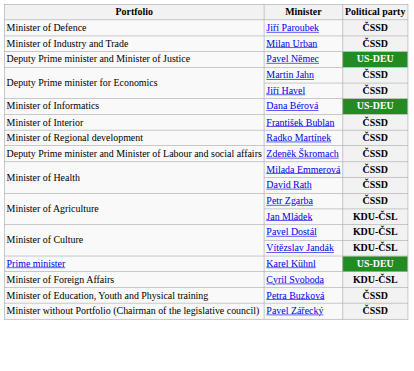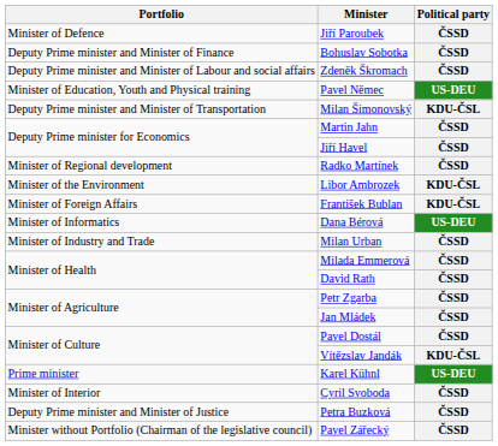 <table class="wikitable">
 <tr>
 <th>Portfolio</th>
 <th>Minister</th>
 <th>Political party</th>
 </tr>
 <tr>
 <td>Minister of Defence</td>
 <td><a href='#'>Jiří Paroubek</a></td>
 <th style="background-color:">ČSSD</th>
 </tr>
 <tr>
-<td>Minister of Industry and Trade</td>
-<td><a href='#'>Milan Urban</a></td>
+<td>Deputy Prime minister and Minister of Finance</td>
+<td><a href='#'>Bohuslav Sobotka</a></td>
 <th style="background-color:">ČSSD</th>
 </tr>
 <tr>
-<td>Deputy Prime minister and Minister of Justice</td>
+<td>Deputy Prime minister and Minister of Labour and social affairs</td>
+<td><a href='#'>Zdeněk Škromach</a></td>
+<th style="background-color:">ČSSD</th>
+</tr>
+<tr>
+<td>Minister of Education, Youth and Physical training</td>
 <td><a href='#'>Pavel Němec</a></td>
 <th style="background-color:#228b22; color:white">US-DEU</th>
+</tr>
+<tr>
+<td>Deputy Prime minister and Minister of Transportation</td>
+<td><a href='#'>Milan Šimonovský</a></td>
+<th style="background-color:">KDU-ČSL</th>
 </tr>
 <tr>
 <td rowspan="2">Deputy Prime minister for Economics</td>
 <td><a href='#'>Martin Jahn</a></td>
 <th style="background-color:">ČSSD</th>
 </tr>
 <tr>
 <td><a href='#'>Jiří Havel</a></td>
 <th style="background-color:">ČSSD</th>
 </tr>
 <tr>
+<td>Minister of Regional development</td>
+<td><a href='#'>Radko Martínek</a></td>
+<th style="background-color:">ČSSD</th>
+</tr>
+<tr>
+<td>Minister of the Environment</td>
+<td><a href='#'>Libor Ambrozek</a></td>
+<th style="background-color:">KDU-ČSL</th>
+</tr>
+<tr>
+<td>Minister of Foreign Affairs</td>
+<td><a href='#'>František Bublan</a></td>
+<th style="background-color:">KDU-ČSL</th>
+</tr>
+<tr>
 <td>Minister of Informatics</td>
 <td><a href='#'>Dana Bérová</a></td>
 <th style="background-color:#228b22; color:white">US-DEU</th>
 </tr>
 <tr>
-<td>Minister of Interior</td>
-<td><a href='#'>František Bublan</a></td>
-<th style="background-color:">ČSSD</th>
-</tr>
-<tr>
-<td>Minister of Regional development</td>
-<td><a href='#'>Radko Martínek</a></td>
-<th style="background-color:">ČSSD</th>
-</tr>
-<tr>
-<td>Deputy Prime minister and Minister of Labour and social affairs</td>
-<td><a href='#'>Zdeněk Škromach</a></td>
+<td>Minister of Industry and Trade</td>
+<td><a href='#'>Milan Urban</a></td>
 <th style="background-color:">ČSSD</th>
 </tr>
 <tr>
 <td rowspan="2">Minister of Health</td>
 <td><a href='#'>Milada Emmerová</a></td>
 <th style="background-color:">ČSSD</th>
 </tr>
 <tr>
 <td><a href='#'>David Rath</a></td>
 <th style="background-color:">ČSSD</th>
 </tr>
 <tr>
 <td rowspan="2">Minister of Agriculture</td>
 <td><a href='#'>Petr Zgarba</a></td>
 <th style="background-color:">ČSSD</th>
 </tr>
 <tr>
 <td><a href='#'>Jan Mládek</a></td>
-<th style="background-color:">KDU-ČSL</th>
+<th style="background-color:">ČSSD</th>
 </tr>
 <tr>
 <td rowspan="2">Minister of Culture</td>
 <td><a href='#'>Pavel Dostál</a></td>
-<th style="background-color:">KDU-ČSL</th>
+<th style="background-color:">ČSSD</th>
 </tr>
 <tr>
 <td><a href='#'>Vítězslav Jandák</a></td>
 <th style="background-color:">KDU-ČSL</th>
 </tr>
 <tr>
 <td><a href='#'>Prime minister</a></td>
 <td><a href='#'>Karel Kühnl</a></td>
 <th style="background-color:#228b22; color:white">US-DEU</th>
 </tr>
 <tr>
-<td>Minister of Foreign Affairs</td>
+<td>Minister of Interior</td>
 <td><a href='#'>Cyril Svoboda</a></td>
-<th style="background-color:">KDU-ČSL</th>
+<th style="background-color:">ČSSD</th>
 </tr>
 <tr>
-<td>Minister of Education, Youth and Physical training</td>
+<td>Deputy Prime minister and Minister of Justice</td>
 <td><a href='#'>Petra Buzková</a></td>
 <th style="background-color:">ČSSD</th>
 </tr>
 <tr>
 <td>Minister without Portfolio (Chairman of the legislative council)</td>
 <td><a href='#'>Pavel Zářecký</a></td>
 <th style="background-color:">ČSSD</th>
 </tr>
 </table>
